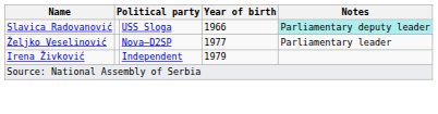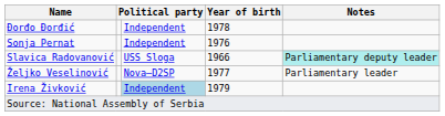 <table class="wikitable sortable" style="text-align:left">
 <tr>
 <th>Name</th>
 <th colspan="2">Political party</th>
 <th>Year of birth</th>
 <th>Notes</th>
+</tr>
+<tr>
+<td><a href='#'>Đorđo Đorđić</a></td>
+<td width="1" style="color:inherit;background: "></td>
+<td><a href='#'>Independent</a></td>
+<td>1978</td>
+<td></td>
+</tr>
+<tr>
+<td><a href='#'>Sonja Pernat</a></td>
+<td width="1" style="color:inherit;background: "></td>
+<td><a href='#'>Independent</a></td>
+<td>1976</td>
+<td></td>
 </tr>
 <tr>
 <td><a href='#'>Slavica Radovanović</a></td>
 <td width="1" style="color:inherit;background: "></td>
 <td><a href='#'>USS Sloga</a></td>
 <td>1966</td>
 <td style="background: paleturquoise;">Parliamentary deputy leader</td>
 </tr>
 <tr>
 <td><a href='#'>Željko Veselinović</a></td>
 <td width="1" style="color:inherit;background: "></td>
 <td><a href='#'>Nova–D2SP</a></td>
 <td>1977</td>
 <td>Parliamentary leader</td>
 </tr>
 <tr>
 <td><a href='#'>Irena Živković</a></td>
 <td width="1" style="color:inherit;background: "></td>
-<td><a href='#'>Independent</a></td>
+<td style="background: lightblue;"><a href='#'>Independent</a></td>
 <td>1979</td>
 <td></td>
 </tr>
 <tr>
 <td style="background-color:#EAECF0" colspan="5">Source: National Assembly of Serbia</td>
 </tr>
 </table>
